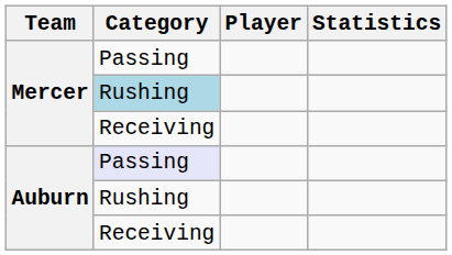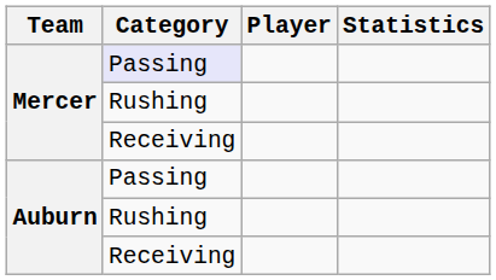 <table class="wikitable" style="float:right">
 <tr>
 <th>Team</th>
 <th>Category</th>
 <th>Player</th>
 <th>Statistics</th>
 </tr>
 <tr>
 <th rowspan=3>Mercer</th>
-<td>Passing</td>
-<td></td>
-<td></td>
-</tr>
-<tr>
-<td style="background: lightblue;">Rushing</td>
-<td></td>
-<td></td>
-</tr>
-<tr>
-<td>Receiving</td>
-<td></td>
-<td></td>
-</tr>
-<tr>
-<th rowspan=3>Auburn</th>
 <td style="background: lavender;">Passing</td>
 <td></td>
 <td></td>
 </tr>
 <tr>
 <td>Rushing</td>
 <td></td>
 <td></td>
 </tr>
 <tr>
 <td>Receiving</td>
 <td></td>
 <td></td>
 </tr>
+<tr>
+<th rowspan=3>Auburn</th>
+<td>Passing</td>
+<td></td>
+<td></td>
+</tr>
+<tr>
+<td>Rushing</td>
+<td></td>
+<td></td>
+</tr>
+<tr>
+<td>Receiving</td>
+<td></td>
+<td></td>
+</tr>
 </table>
